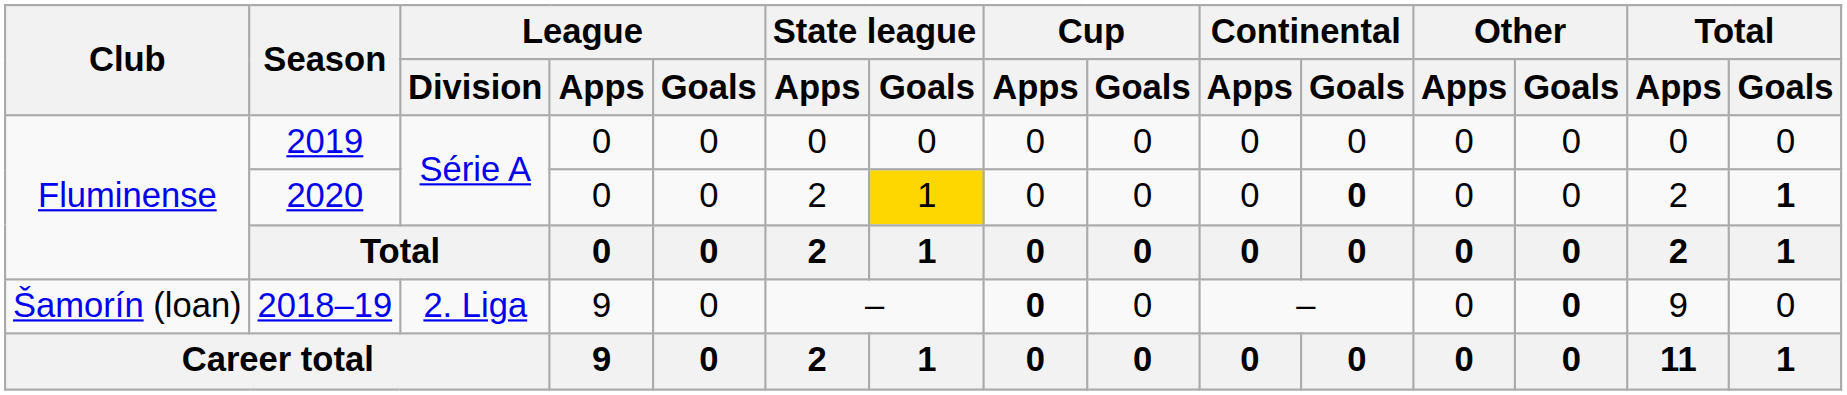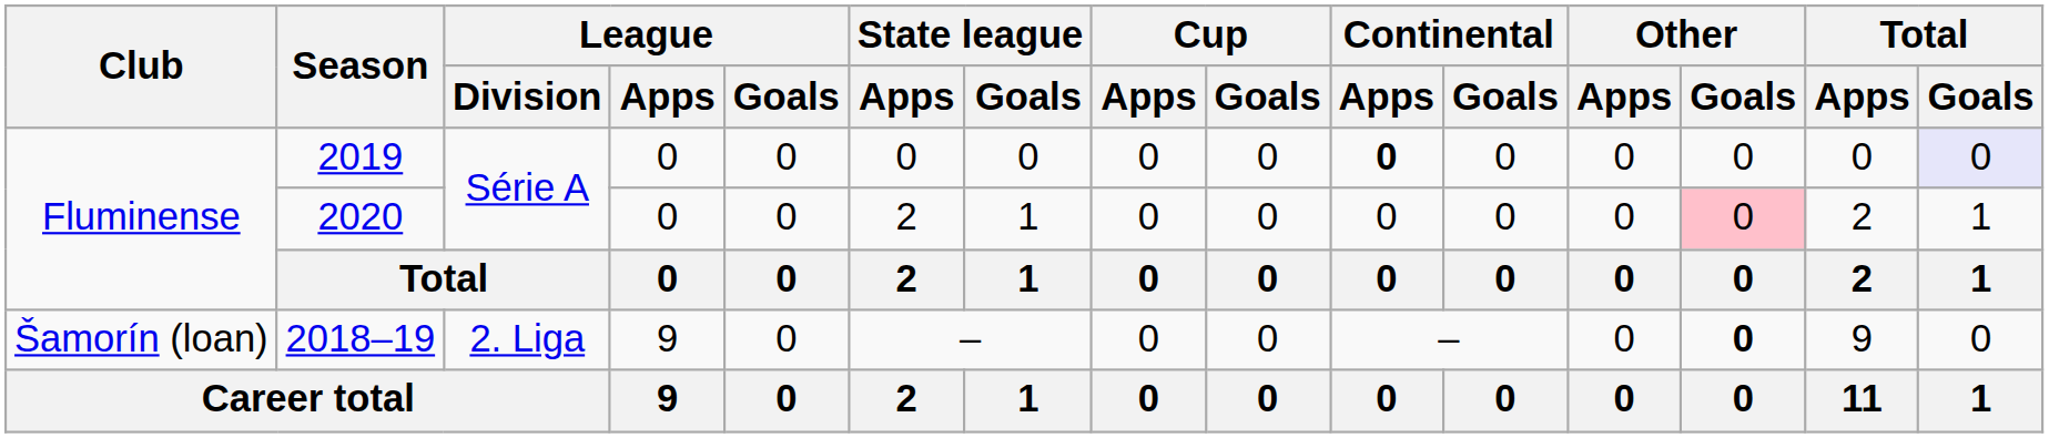 <table class="wikitable" style="text-align: center">
 <tr>
 <th rowspan="2">Club</th>
 <th rowspan="2">Season</th>
 <th colspan="3">League</th>
 <th colspan="2">State league</th>
 <th colspan="2">Cup</th>
 <th colspan="2">Continental</th>
 <th colspan="2">Other</th>
 <th colspan="2">Total</th>
 </tr>
 <tr>
 <th>Division</th>
 <th>Apps</th>
 <th>Goals</th>
 <th>Apps</th>
 <th>Goals</th>
 <th>Apps</th>
 <th>Goals</th>
 <th>Apps</th>
 <th>Goals</th>
 <th>Apps</th>
 <th>Goals</th>
 <th>Apps</th>
 <th>Goals</th>
 </tr>
 <tr>
 <td rowspan="3"><a href='#'>Fluminense</a></td>
 <td><a href='#'>2019</a></td>
 <td rowspan="2"><a href='#'>Série A</a></td>
 <td>0</td>
 <td>0</td>
 <td>0</td>
 <td>0</td>
 <td>0</td>
 <td>0</td>
+<td><strong>0</strong></td>
 <td>0</td>
 <td>0</td>
 <td>0</td>
 <td>0</td>
-<td>0</td>
-<td>0</td>
+<td style="background: lavender;">0</td>
 </tr>
 <tr>
 <td><a href='#'>2020</a></td>
 <td>0</td>
 <td>0</td>
 <td>2</td>
-<td style="background: gold;">1</td>
+<td>1</td>
 <td>0</td>
 <td>0</td>
 <td>0</td>
-<td><strong>0</strong></td>
 <td>0</td>
 <td>0</td>
+<td style="background: pink;">0</td>
 <td>2</td>
-<td><strong>1</strong></td>
+<td>1</td>
 </tr>
 <tr>
 <th colspan="2"><strong>Total</strong></th>
 <th>0</th>
 <th>0</th>
 <th>2</th>
 <th>1</th>
 <th>0</th>
 <th>0</th>
 <th>0</th>
 <th>0</th>
 <th>0</th>
 <th>0</th>
 <th>2</th>
 <th>1</th>
 </tr>
 <tr>
 <td><a href='#'>Šamorín</a> (loan)</td>
 <td><a href='#'>2018–19</a></td>
 <td><a href='#'>2. Liga</a></td>
 <td>9</td>
 <td>0</td>
 <td colspan="2">–</td>
-<td><strong>0</strong></td>
+<td>0</td>
 <td>0</td>
 <td colspan="2">–</td>
 <td>0</td>
 <td><strong>0</strong></td>
 <td>9</td>
 <td>0</td>
 </tr>
 <tr>
 <th colspan="3"><strong>Career total</strong></th>
 <th>9</th>
 <th>0</th>
 <th>2</th>
 <th>1</th>
 <th>0</th>
 <th>0</th>
 <th>0</th>
 <th>0</th>
 <th>0</th>
 <th>0</th>
 <th>11</th>
 <th>1</th>
 </tr>
 </table>
